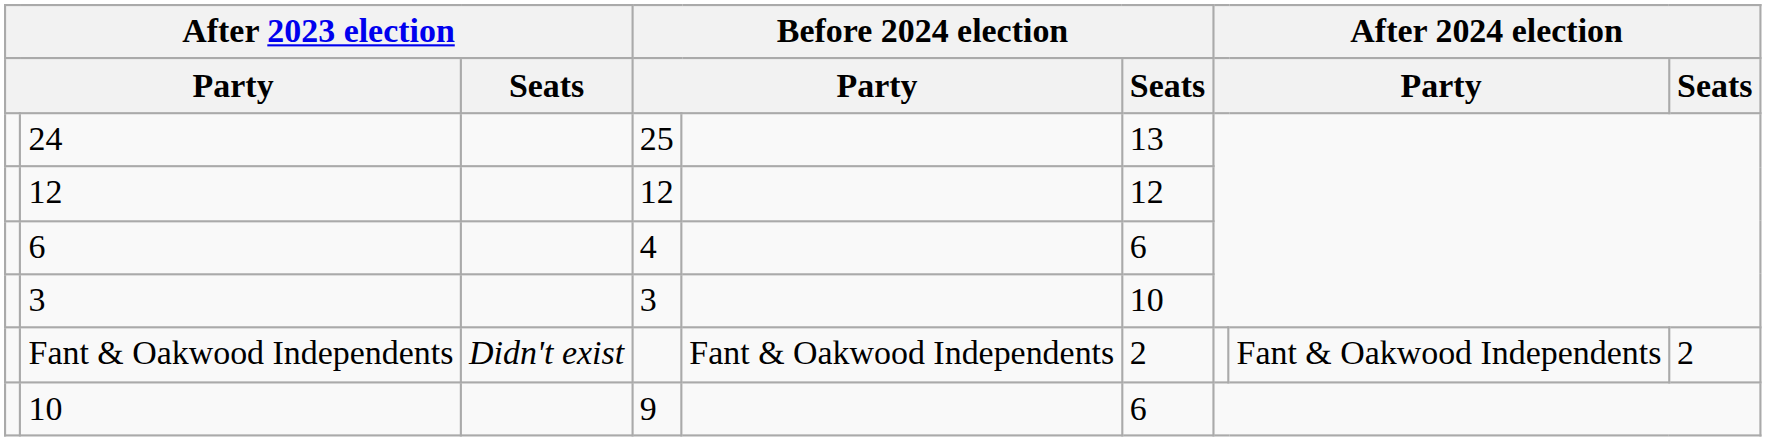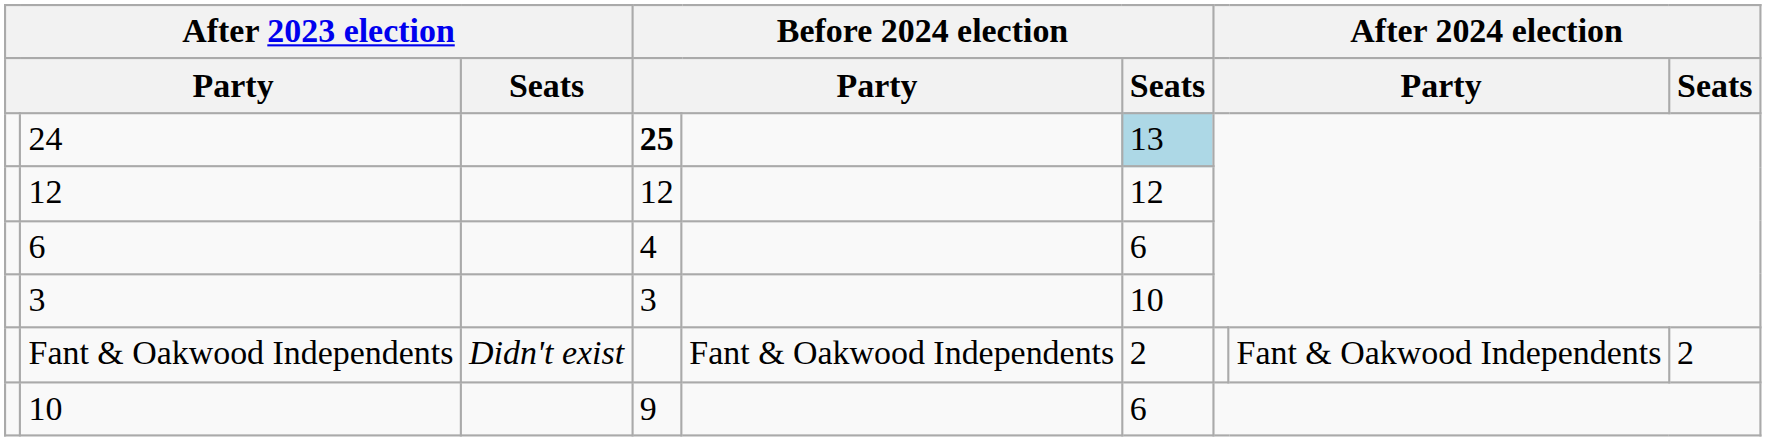 <table class="wikitable">
 <tr>
 <th colspan="3">After <a href='#'>2023 election</a></th>
 <th colspan="3">Before 2024 election</th>
 <th colspan="3">After 2024 election</th>
 </tr>
 <tr>
 <th colspan="2">Party</th>
 <th>Seats</th>
 <th colspan="2">Party</th>
 <th>Seats</th>
 <th colspan="2">Party</th>
 <th>Seats</th>
 </tr>
 <tr>
 <td></td>
 <td>24</td>
 <td></td>
-<td>25</td>
+<td><strong>25</strong></td>
 <td></td>
-<td>13</td>
+<td style="background: lightblue;">13</td>
 </tr>
 <tr>
 <td></td>
 <td>12</td>
 <td></td>
 <td>12</td>
 <td></td>
 <td>12</td>
 </tr>
 <tr>
 <td></td>
 <td>6</td>
 <td></td>
 <td>4</td>
 <td></td>
 <td>6</td>
 </tr>
 <tr>
 <td></td>
 <td>3</td>
 <td></td>
 <td>3</td>
 <td></td>
 <td>10</td>
 </tr>
 <tr>
 <td></td>
 <td>Fant & Oakwood Independents</td>
 <td><em>Didn't exist</em></td>
 <td></td>
 <td>Fant & Oakwood Independents</td>
 <td>2</td>
 <td></td>
 <td>Fant & Oakwood Independents</td>
 <td>2</td>
 </tr>
 <tr>
 <td></td>
 <td>10</td>
 <td></td>
 <td>9</td>
 <td></td>
 <td>6</td>
 </tr>
 </table>
